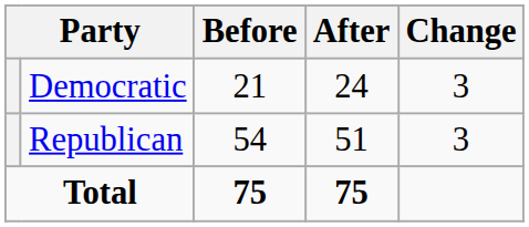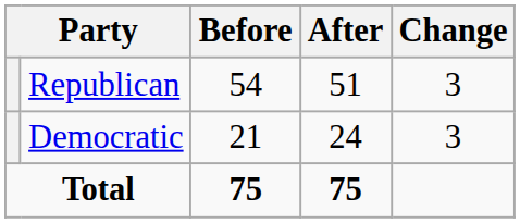 <table class="wikitable" style="text-align:center;">
 <tr>
 <th colspan="2">Party</th>
 <th>Before</th>
 <th>After</th>
 <th>Change</th>
 </tr>
 <tr>
 <th style="background-color:"></th>
-<td style="text-align:left;"><a href='#'>Democratic</a></td>
-<td>21</td>
-<td>24</td>
+<td style="text-align:left;"><a href='#'>Republican</a></td>
+<td>54</td>
+<td>51</td>
 <td> 3</td>
 </tr>
 <tr>
 <th style="background-color:"></th>
-<td style="text-align:left;"><a href='#'>Republican</a></td>
-<td>54</td>
-<td>51</td>
+<td style="text-align:left;"><a href='#'>Democratic</a></td>
+<td>21</td>
+<td>24</td>
 <td> 3</td>
 </tr>
 <tr>
 <td colspan="2"><strong>Total</strong></td>
 <td><strong>75</strong></td>
 <td><strong>75</strong></td>
 <td></td>
 </tr>
 </table>
